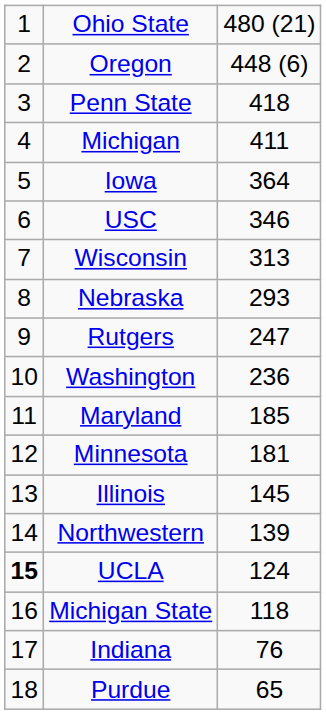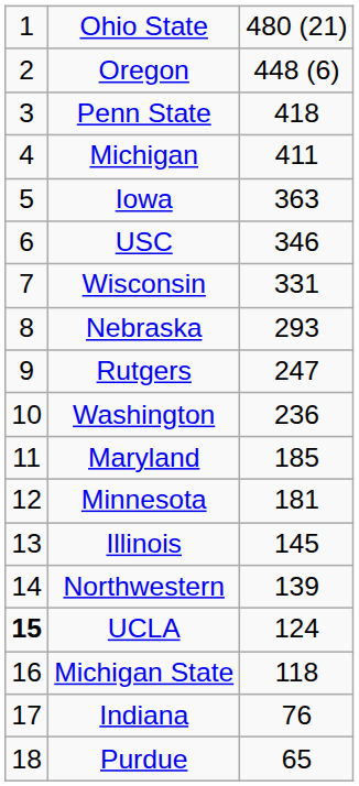 <table class="wikitable" style="display: inline-table;">
 <tr align="center">
 <td>1</td>
 <td><a href='#'>Ohio State</a></td>
 <td>480 (21)</td>
 </tr>
 <tr align="center">
 <td>2</td>
 <td><a href='#'>Oregon</a></td>
 <td>448 (6)</td>
 </tr>
 <tr align="center">
 <td>3</td>
 <td><a href='#'>Penn State</a></td>
 <td>418</td>
 </tr>
 <tr align="center">
 <td>4</td>
 <td><a href='#'>Michigan</a></td>
 <td>411</td>
 </tr>
 <tr align="center">
 <td>5</td>
 <td><a href='#'>Iowa</a></td>
-<td>364</td>
+<td>363</td>
 </tr>
 <tr align="center">
 <td>6</td>
 <td><a href='#'>USC</a></td>
 <td>346</td>
 </tr>
 <tr align="center">
 <td>7</td>
 <td><a href='#'>Wisconsin</a></td>
-<td>313</td>
+<td>331</td>
 </tr>
 <tr align="center">
 <td>8</td>
 <td><a href='#'>Nebraska</a></td>
 <td>293</td>
 </tr>
 <tr align="center">
 <td>9</td>
 <td><a href='#'>Rutgers</a></td>
 <td>247</td>
 </tr>
 <tr align="center">
 <td>10</td>
 <td><a href='#'>Washington</a></td>
 <td>236</td>
 </tr>
 <tr align="center">
 <td>11</td>
 <td><a href='#'>Maryland</a></td>
 <td>185</td>
 </tr>
 <tr align="center">
 <td>12</td>
 <td><a href='#'>Minnesota</a></td>
 <td>181</td>
 </tr>
 <tr align="center">
 <td>13</td>
 <td><a href='#'>Illinois</a></td>
 <td>145</td>
 </tr>
 <tr align="center">
 <td>14</td>
 <td><a href='#'>Northwestern</a></td>
 <td>139</td>
 </tr>
 <tr align="center">
 <td><strong>15</strong></td>
 <td><a href='#'>UCLA</a></td>
 <td>124</td>
 </tr>
 <tr align="center">
 <td>16</td>
 <td><a href='#'>Michigan State</a></td>
 <td>118</td>
 </tr>
 <tr align="center">
 <td>17</td>
 <td><a href='#'>Indiana</a></td>
 <td>76</td>
 </tr>
 <tr align="center">
 <td>18</td>
 <td><a href='#'>Purdue</a></td>
 <td>65</td>
 </tr>
 </table>
